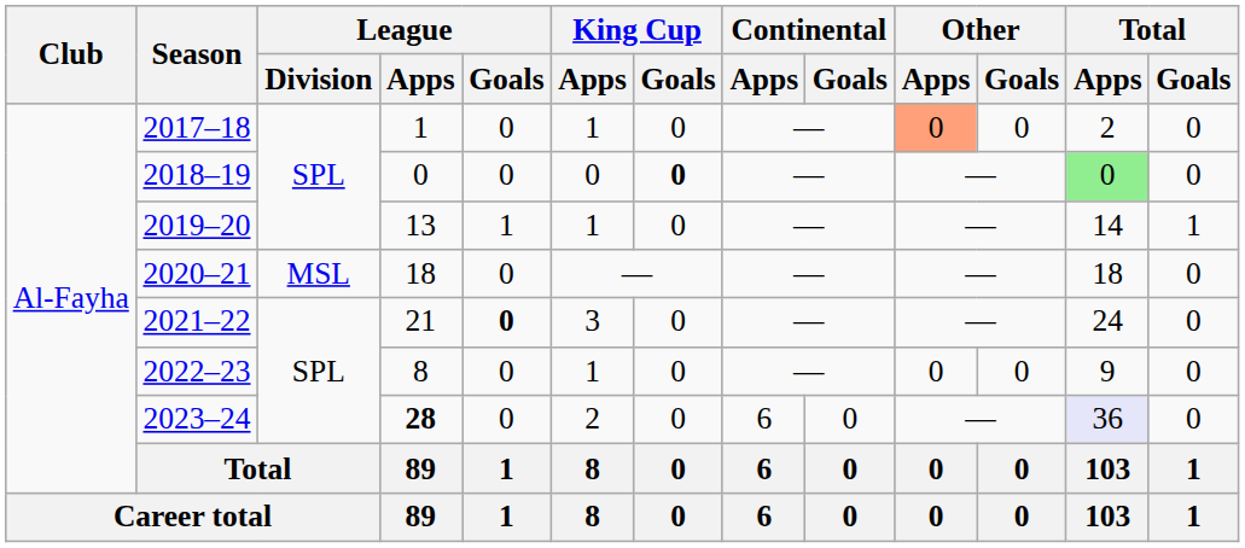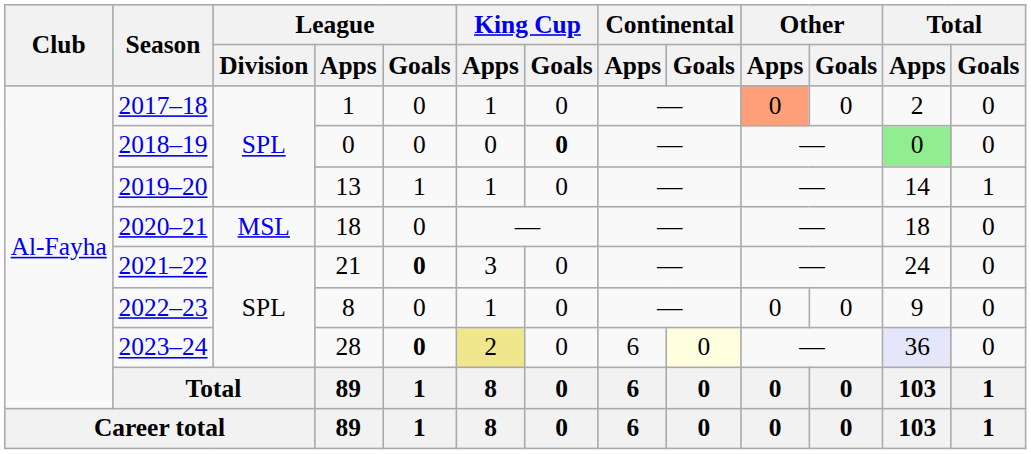 <table class="wikitable" style="text-align: center">
 <tr>
 <th rowspan=2>Club</th>
 <th rowspan=2>Season</th>
 <th colspan=3>League</th>
 <th colspan=2><a href='#'>King Cup</a></th>
 <th colspan=2>Continental</th>
 <th colspan=2>Other</th>
 <th colspan=2>Total</th>
 </tr>
 <tr>
 <th>Division</th>
 <th>Apps</th>
 <th>Goals</th>
 <th>Apps</th>
 <th>Goals</th>
 <th>Apps</th>
 <th>Goals</th>
 <th>Apps</th>
 <th>Goals</th>
 <th>Apps</th>
 <th>Goals</th>
 </tr>
 <tr>
 <td rowspan="8"><a href='#'>Al-Fayha</a></td>
 <td><a href='#'>2017–18</a></td>
 <td rowspan="3"><a href='#'>SPL</a></td>
 <td>1</td>
 <td>0</td>
 <td>1</td>
 <td>0</td>
 <td colspan=2>—</td>
 <td style="background: lightsalmon;">0</td>
 <td>0</td>
 <td>2</td>
 <td>0</td>
 </tr>
 <tr>
 <td><a href='#'>2018–19</a></td>
 <td>0</td>
 <td>0</td>
 <td>0</td>
 <td><strong>0</strong></td>
 <td colspan=2>—</td>
 <td colspan=2>—</td>
 <td style="background: lightgreen;">0</td>
 <td>0</td>
 </tr>
 <tr>
 <td><a href='#'>2019–20</a></td>
 <td>13</td>
 <td>1</td>
 <td>1</td>
 <td>0</td>
 <td colspan=2>—</td>
 <td colspan=2>—</td>
 <td>14</td>
 <td>1</td>
 </tr>
 <tr>
 <td><a href='#'>2020–21</a></td>
 <td rowspan="1"><a href='#'>MSL</a></td>
 <td>18</td>
 <td>0</td>
 <td colspan=2>—</td>
 <td colspan=2>—</td>
 <td colspan=2>—</td>
 <td>18</td>
 <td>0</td>
 </tr>
 <tr>
 <td><a href='#'>2021–22</a></td>
 <td rowspan="3">SPL</td>
 <td>21</td>
 <td><strong>0</strong></td>
 <td>3</td>
 <td>0</td>
 <td colspan=2>—</td>
 <td colspan=2>—</td>
 <td>24</td>
 <td>0</td>
 </tr>
 <tr>
 <td><a href='#'>2022–23</a></td>
 <td>8</td>
 <td>0</td>
 <td>1</td>
 <td>0</td>
 <td colspan=2>—</td>
 <td>0</td>
 <td>0</td>
 <td>9</td>
 <td>0</td>
 </tr>
 <tr>
 <td><a href='#'>2023–24</a></td>
-<td><strong>28</strong></td>
-<td>0</td>
-<td>2</td>
+<td>28</td>
+<td><strong>0</strong></td>
+<td style="background: khaki;">2</td>
 <td>0</td>
 <td>6</td>
-<td>0</td>
+<td style="background: lightyellow;">0</td>
 <td colspan=2>—</td>
 <td style="background: lavender;">36</td>
 <td>0</td>
 </tr>
 <tr>
 <th colspan="2">Total</th>
 <th>89</th>
 <th>1</th>
 <th>8</th>
 <th>0</th>
 <th>6</th>
 <th>0</th>
 <th>0</th>
 <th>0</th>
 <th>103</th>
 <th>1</th>
 </tr>
 <tr>
 <th colspan="3">Career total</th>
 <th>89</th>
 <th>1</th>
 <th>8</th>
 <th>0</th>
 <th>6</th>
 <th>0</th>
 <th>0</th>
 <th>0</th>
 <th>103</th>
 <th>1</th>
 </tr>
 </table>
